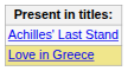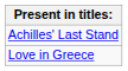 <table class="wikitable">
 <tr>
 <th>Present in titles:</th>
 </tr>
 <tr>
 <td><a href='#'>Achilles' Last Stand</a></td>
 </tr>
 <tr>
-<td style="background: khaki;"><a href='#'>Love in Greece</a></td>
+<td><a href='#'>Love in Greece</a></td>
 </tr>
 </table>
